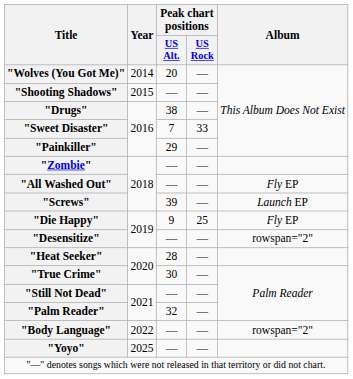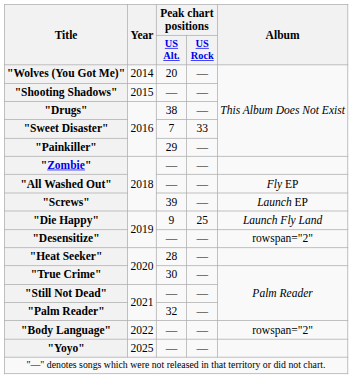 <table class="wikitable plainrowheaders" style="text-align: center">
 <tr>
 <th scope="col" rowspan="2">Title</th>
 <th scope="col" rowspan="2">Year</th>
 <th scope="col" colspan="2">Peak chart<br>positions</th>
 <th scope="col" rowspan="2">Album</th>
 </tr>
 <tr>
 <th scope="col" style="width:2.5em; font-size:90%;"><a href='#'>US Alt.</a><br></th>
 <th scope="col" style="width:2.5em; font-size:90%;"><a href='#'>US<br>Rock</a><br></th>
 </tr>
 <tr>
 <th scope="row">"Wolves (You Got Me)"</th>
 <td>2014</td>
 <td>20</td>
 <td>—</td>
 <td rowspan="5"><em>This Album Does Not Exist</em></td>
 </tr>
 <tr>
 <th scope="row">"Shooting Shadows"</th>
 <td>2015</td>
 <td>—</td>
 <td>—</td>
 </tr>
 <tr>
 <th scope="row">"Drugs"</th>
 <td rowspan="3">2016</td>
 <td>38</td>
 <td>—</td>
 </tr>
 <tr>
 <th scope="row">"Sweet Disaster"</th>
 <td>7</td>
 <td>33</td>
 </tr>
 <tr>
 <th scope="row">"Painkiller"</th>
 <td>29</td>
 <td>—</td>
 </tr>
 <tr>
 <th scope="row">"<a href='#'>Zombie</a>"</th>
 <td rowspan="3">2018</td>
 <td>—</td>
 <td>—</td>
 <td></td>
 </tr>
 <tr>
 <th scope="row">"All Washed Out"</th>
 <td>—</td>
 <td>—</td>
 <td><em>Fly</em> EP</td>
 </tr>
 <tr>
 <th scope="row">"Screws"</th>
 <td>39</td>
 <td>—</td>
 <td><em>Launch</em> EP</td>
 </tr>
 <tr>
 <th scope="row">"Die Happy"</th>
 <td rowspan="2">2019</td>
 <td>9</td>
 <td>25</td>
-<td><em>Fly</em> EP</td>
+<td><em>Launch Fly Land</em></td>
 </tr>
 <tr>
 <th scope="row">"Desensitize"</th>
 <td>—</td>
 <td>—</td>
 <td>rowspan="2" </td>
 </tr>
 <tr>
 <th scope="row">"Heat Seeker"<br></th>
 <td rowspan="2">2020</td>
 <td>28</td>
 <td>—</td>
 </tr>
 <tr>
 <th scope="row">"True Crime"<br></th>
 <td>30</td>
 <td>—</td>
 <td rowspan="3"><em>Palm Reader</em></td>
 </tr>
 <tr>
 <th scope="row">"Still Not Dead"<br></th>
 <td rowspan="2">2021</td>
 <td>—</td>
 <td>—</td>
 </tr>
 <tr>
 <th scope="row">"Palm Reader"<br></th>
 <td>32</td>
 <td>—</td>
 </tr>
 <tr>
 <th scope="row">"Body Language"</th>
 <td rowspan="1">2022</td>
 <td>—</td>
 <td>—</td>
 <td>rowspan="2" </td>
 </tr>
 <tr>
 <th scope="row">"Yoyo"</th>
 <td>2025</td>
 <td>—</td>
 <td>—</td>
 </tr>
 <tr>
 <td colspan="11" style="font-size:85%;">"—" denotes songs which were not released in that territory or did not chart.</td>
 </tr>
 </table>
